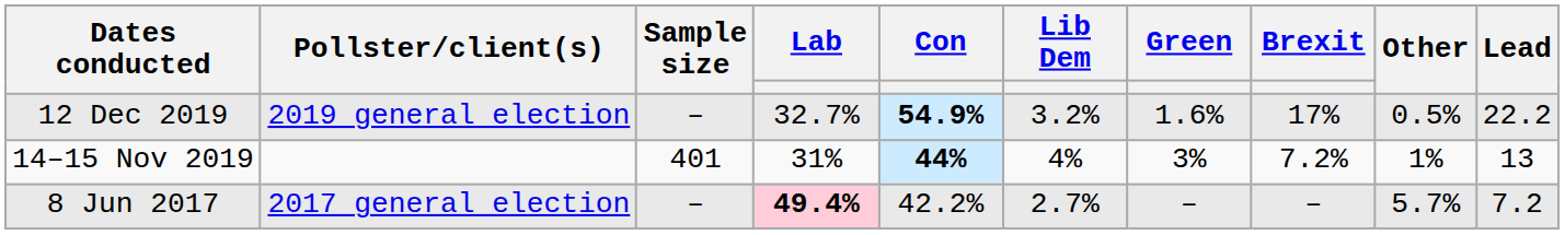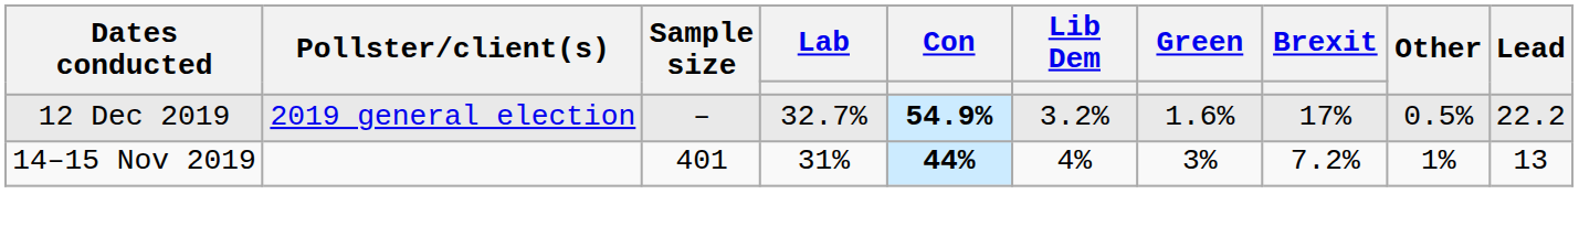 <table style="text-align:center;line-height:14px;" class="wikitable sortable mw-datatable">
 <tr>
 <th rowspan="2">Dates<br>conducted</th>
 <th rowspan="2">Pollster/client(s)</th>
 <th data-sort-type="number" rowspan="2">Sample<br>size</th>
 <th class="unsortable" style="width:50px;"><a href='#'>Lab</a></th>
 <th class="unsortable" style="width:50px;"><a href='#'>Con</a></th>
 <th class="unsortable" style="width:50px;"><a href='#'>Lib Dem</a></th>
 <th class="unsortable" style="width:50px;"><a href='#'>Green</a></th>
 <th class="unsortable" style="width:50px;"><a href='#'>Brexit</a></th>
 <th class="unsortable" rowspan="2">Other</th>
 <th data-sort-type="number" rowspan="2">Lead</th>
 </tr>
 <tr>
 <th data-sort-type="number" style="background:"></th>
 <th data-sort-type="number" style="background:"></th>
 <th data-sort-type="number" style="background:"></th>
 <th data-sort-type="number" style="background:"></th>
 <th data-sort-type="number" style="background:"></th>
 </tr>
 <tr style="background:#E9E9E9;">
 <td data-sort-value="2017-06-08">12 Dec 2019</td>
 <td><a href='#'>2019 general election</a></td>
 <td>–</td>
 <td>32.7%</td>
 <td style="background:#CCEBFF;"><strong>54.9%</strong></td>
 <td>3.2%</td>
 <td>1.6%</td>
 <td>17%</td>
 <td>0.5%</td>
 <td style="background:">22.2</td>
 </tr>
 <tr>
 <td data-sort-value="2019-10-30">14–15 Nov 2019</td>
 <td></td>
 <td>401</td>
 <td>31%</td>
 <td style="background:#CCEBFF;"><strong>44%</strong></td>
 <td>4%</td>
 <td>3%</td>
 <td>7.2%</td>
 <td>1%</td>
 <td style="background:">13</td>
 </tr>
-<tr style="background:#E9E9E9;">
-<td data-sort-value="2017-06-08">8 Jun 2017</td>
-<td><a href='#'>2017 general election</a></td>
-<td>–</td>
-<td style="background:#FFCCD9;"><strong>49.4%</strong></td>
-<td>42.2%</td>
-<td>2.7%</td>
-<td>–</td>
-<td>–</td>
-<td>5.7%</td>
-<td style="background:">7.2</td>
-</tr>
 </table>
